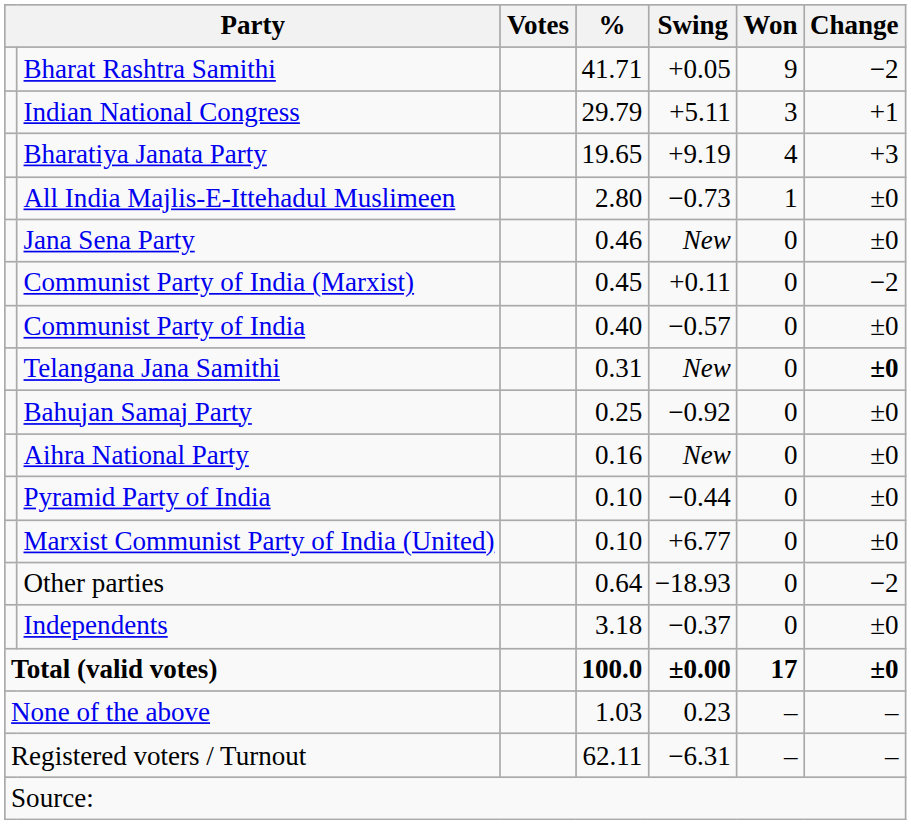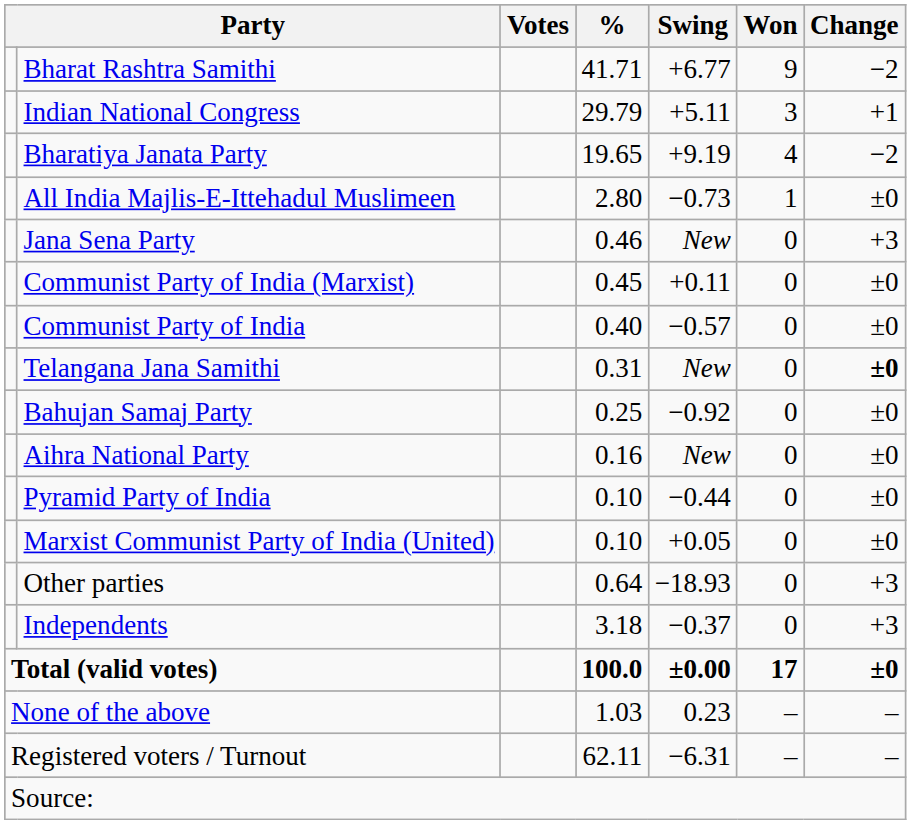 <table class="wikitable" style="text-align:right">
 <tr valign="top">
 <th colspan=2>Party</th>
 <th>Votes</th>
 <th>%</th>
 <th>Swing</th>
 <th>Won</th>
 <th>Change</th>
 </tr>
 <tr>
 <td style="background-color:"></td>
 <td style="text-align:left;"><a href='#'>Bharat Rashtra Samithi</a></td>
 <td></td>
 <td>41.71</td>
-<td>+0.05</td>
+<td>+6.77</td>
 <td>9</td>
 <td>−2</td>
 </tr>
 <tr>
 <td style="background-color:"></td>
 <td style="text-align:left;"><a href='#'>Indian National Congress</a></td>
 <td></td>
 <td>29.79</td>
 <td>+5.11</td>
 <td>3</td>
 <td>+1</td>
 </tr>
 <tr>
 <td style="background-color:"></td>
 <td style="text-align:left;"><a href='#'>Bharatiya Janata Party</a></td>
 <td></td>
 <td>19.65</td>
 <td>+9.19</td>
 <td>4</td>
-<td>+3</td>
+<td>−2</td>
 </tr>
 <tr>
 <td style="background-color:"></td>
 <td style="text-align:left;"><a href='#'>All India Majlis-E-Ittehadul Muslimeen</a></td>
 <td></td>
 <td>2.80</td>
 <td>−0.73</td>
 <td>1</td>
 <td>±0</td>
 </tr>
 <tr>
 <td style="background-color:"></td>
 <td style="text-align:left;"><a href='#'>Jana Sena Party</a></td>
 <td></td>
 <td>0.46</td>
 <td><em>New</em></td>
 <td>0</td>
-<td>±0</td>
+<td>+3</td>
 </tr>
 <tr>
 <td style="background-color:"></td>
 <td style="text-align:left;"><a href='#'>Communist Party of India (Marxist)</a></td>
 <td></td>
 <td>0.45</td>
 <td>+0.11</td>
 <td>0</td>
-<td>−2</td>
+<td>±0</td>
 </tr>
 <tr>
 <td style="background-color:"></td>
 <td style="text-align:left;"><a href='#'>Communist Party of India</a></td>
 <td></td>
 <td>0.40</td>
 <td>−0.57</td>
 <td>0</td>
 <td>±0</td>
 </tr>
 <tr>
 <td style="background-color:"></td>
 <td style="text-align:left;"><a href='#'>Telangana Jana Samithi</a></td>
 <td></td>
 <td>0.31</td>
 <td><em>New</em></td>
 <td>0</td>
 <td><strong>±0</strong></td>
 </tr>
 <tr>
 <td style="background-color:"></td>
 <td style="text-align:left;"><a href='#'>Bahujan Samaj Party</a></td>
 <td></td>
 <td>0.25</td>
 <td>−0.92</td>
 <td>0</td>
 <td>±0</td>
 </tr>
 <tr>
 <td style="background-color:"></td>
 <td style="text-align:left;"><a href='#'>Aihra National Party</a></td>
 <td></td>
 <td>0.16</td>
 <td><em>New</em></td>
 <td>0</td>
 <td>±0</td>
 </tr>
 <tr>
 <td style="background-color:"></td>
 <td style="text-align:left;"><a href='#'>Pyramid Party of India</a></td>
 <td></td>
 <td>0.10</td>
 <td>−0.44</td>
 <td>0</td>
 <td>±0</td>
 </tr>
 <tr>
 <td style="background-color:"></td>
 <td style="text-align:left;"><a href='#'>Marxist Communist Party of India (United)</a></td>
 <td></td>
 <td>0.10</td>
-<td>+6.77</td>
+<td>+0.05</td>
 <td>0</td>
 <td>±0</td>
 </tr>
 <tr>
 <td style="background-color:"></td>
 <td style="text-align:left;">Other parties</td>
 <td></td>
 <td>0.64</td>
 <td>−18.93</td>
 <td>0</td>
-<td>−2</td>
+<td>+3</td>
 </tr>
 <tr>
 <td style="background-color:"></td>
 <td style="text-align:left;"><a href='#'>Independents</a></td>
 <td></td>
 <td>3.18</td>
 <td>−0.37</td>
 <td>0</td>
-<td>±0</td>
+<td>+3</td>
 </tr>
 <tr style="font-weight:bold;">
 <td colspan=2 style="text-align:left">Total (valid votes)</td>
 <td></td>
 <td>100.0</td>
 <td>±0.00</td>
 <td>17</td>
 <td>±0</td>
 </tr>
 <tr>
 <td colspan=2 style="text-align:left;"><a href='#'>None of the above</a></td>
 <td></td>
 <td>1.03</td>
 <td>0.23</td>
 <td>–</td>
 <td>–</td>
 </tr>
 <tr>
 <td colspan=2 style="text-align:left;">Registered voters / Turnout</td>
 <td></td>
 <td>62.11</td>
 <td>−6.31</td>
 <td>–</td>
 <td>–</td>
 </tr>
 <tr>
 <td colspan="8" align="left">Source: </td>
 </tr>
 </table>
